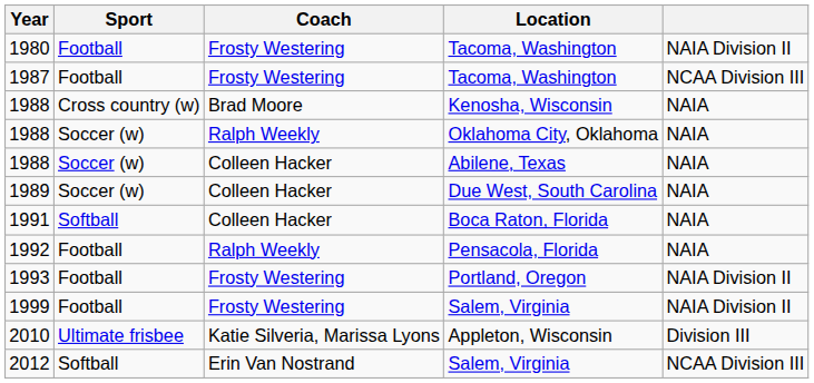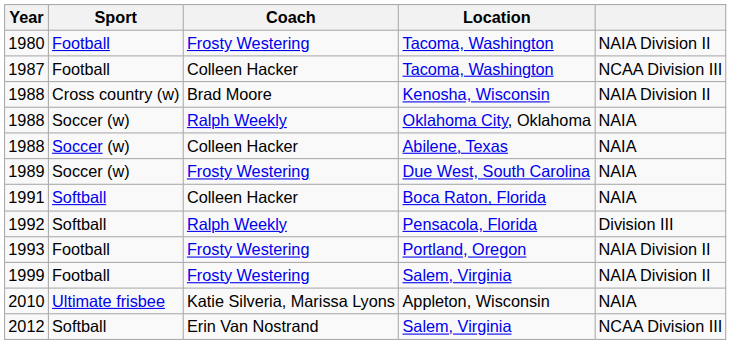 <table class="wikitable" style="text-align:; font-size:95%">
 <tr>
 <th>Year</th>
 <th>Sport</th>
 <th>Coach</th>
 <th>Location</th>
 <th></th>
 </tr>
 <tr>
 <td>1980</td>
 <td><a href='#'>Football</a></td>
 <td><a href='#'>Frosty Westering</a></td>
 <td><a href='#'>Tacoma, Washington</a></td>
 <td>NAIA Division II</td>
 </tr>
 <tr>
 <td>1987</td>
 <td>Football</td>
-<td><a href='#'>Frosty Westering</a></td>
+<td>Colleen Hacker</td>
 <td><a href='#'>Tacoma, Washington</a></td>
 <td>NCAA Division III</td>
 </tr>
 <tr>
 <td>1988</td>
 <td>Cross country (w)</td>
 <td>Brad Moore</td>
 <td><a href='#'>Kenosha, Wisconsin</a></td>
-<td>NAIA</td>
+<td>NAIA Division II</td>
 </tr>
 <tr>
 <td>1988</td>
 <td>Soccer (w)</td>
 <td><a href='#'>Ralph Weekly</a></td>
 <td><a href='#'>Oklahoma City</a>, Oklahoma</td>
 <td>NAIA</td>
 </tr>
 <tr>
 <td>1988</td>
 <td><a href='#'>Soccer</a> (w)</td>
 <td>Colleen Hacker</td>
 <td><a href='#'>Abilene, Texas</a></td>
 <td>NAIA</td>
 </tr>
 <tr>
 <td>1989</td>
 <td>Soccer (w)</td>
-<td>Colleen Hacker</td>
+<td><a href='#'>Frosty Westering</a></td>
 <td><a href='#'>Due West, South Carolina</a></td>
 <td>NAIA</td>
 </tr>
 <tr>
 <td>1991</td>
 <td><a href='#'>Softball</a></td>
 <td>Colleen Hacker</td>
 <td><a href='#'>Boca Raton, Florida</a></td>
 <td>NAIA</td>
 </tr>
 <tr>
 <td>1992</td>
-<td>Football</td>
+<td>Softball</td>
 <td><a href='#'>Ralph Weekly</a></td>
 <td><a href='#'>Pensacola, Florida</a></td>
-<td>NAIA</td>
+<td>Division III</td>
 </tr>
 <tr>
 <td>1993</td>
 <td>Football</td>
 <td><a href='#'>Frosty Westering</a></td>
 <td><a href='#'>Portland, Oregon</a></td>
 <td>NAIA Division II</td>
 </tr>
 <tr>
 <td>1999</td>
 <td>Football</td>
 <td><a href='#'>Frosty Westering</a></td>
 <td><a href='#'>Salem, Virginia</a></td>
 <td>NAIA Division II</td>
 </tr>
 <tr>
 <td>2010</td>
 <td><a href='#'>Ultimate frisbee</a></td>
 <td>Katie Silveria, Marissa Lyons</td>
 <td>Appleton, Wisconsin</td>
-<td>Division III</td>
+<td>NAIA</td>
 </tr>
 <tr>
 <td>2012</td>
 <td>Softball</td>
 <td>Erin Van Nostrand</td>
 <td><a href='#'>Salem, Virginia</a></td>
 <td>NCAA Division III</td>
 </tr>
 </table>
